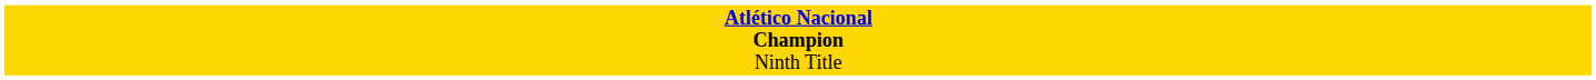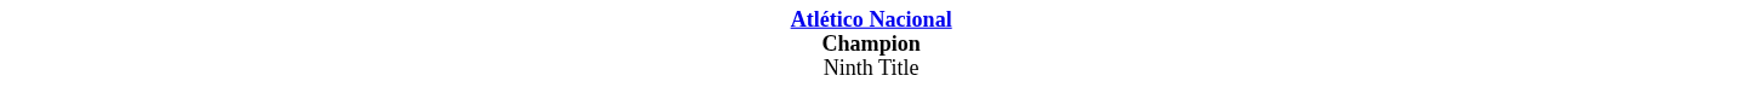 <table cellspacing=0 width=100%>
 <tr>
 <td align=center><br></td>
 </tr>
 <tr>
-<td align=center style="background: gold;"><strong><a href='#'>Atlético Nacional</a><br>Champion</strong><br> Ninth Title</td>
+<td align=center><strong><a href='#'>Atlético Nacional</a><br>Champion</strong><br> Ninth Title</td>
 </tr>
 </table>
